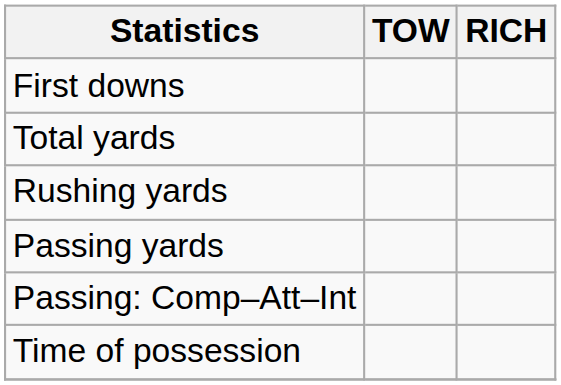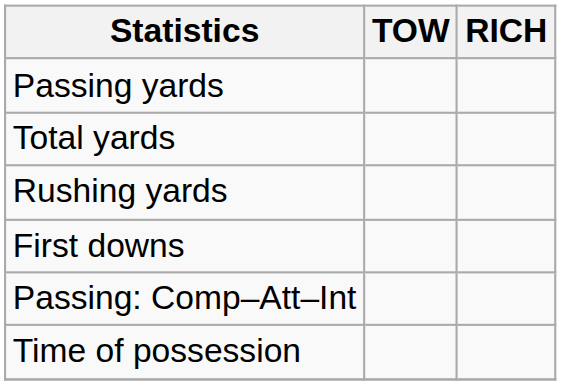 <table class="wikitable" style="float: left;">
 <tr>
 <th>Statistics</th>
 <th>TOW</th>
 <th>RICH</th>
 </tr>
 <tr>
-<td>First downs</td>
+<td>Passing yards</td>
 <td></td>
 <td></td>
 </tr>
 <tr>
 <td>Total yards</td>
 <td></td>
 <td></td>
 </tr>
 <tr>
 <td>Rushing yards</td>
 <td></td>
 <td></td>
 </tr>
 <tr>
-<td>Passing yards</td>
+<td>First downs</td>
 <td></td>
 <td></td>
 </tr>
 <tr>
 <td>Passing: Comp–Att–Int</td>
 <td></td>
 <td></td>
 </tr>
 <tr>
 <td>Time of possession</td>
 <td></td>
 <td></td>
 </tr>
 <tr>
 </tr>
 </table>
